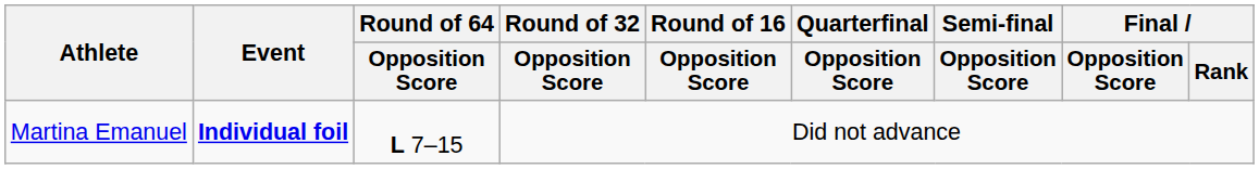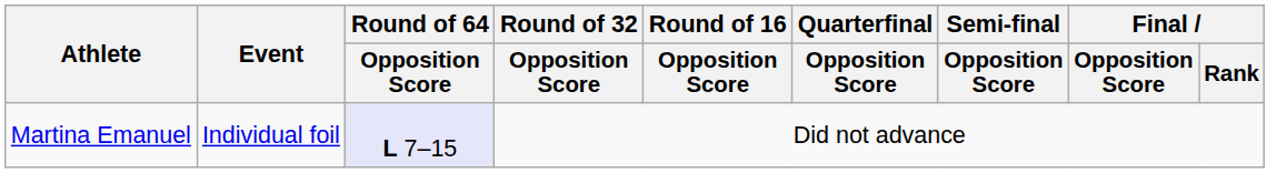 <table class="wikitable" style="font-size:90%">
 <tr>
 <th rowspan="2">Athlete</th>
 <th rowspan="2">Event</th>
 <th>Round of 64</th>
 <th>Round of 32</th>
 <th>Round of 16</th>
 <th>Quarterfinal</th>
 <th>Semi-final</th>
 <th colspan=2>Final / </th>
 </tr>
 <tr style="font-size:95%">
 <th>Opposition <br> Score</th>
 <th>Opposition <br> Score</th>
 <th>Opposition <br> Score</th>
 <th>Opposition <br> Score</th>
 <th>Opposition <br> Score</th>
 <th>Opposition <br> Score</th>
 <th>Rank</th>
 </tr>
 <tr align=center>
 <td align=left><a href='#'>Martina Emanuel</a></td>
-<td align=left><strong><a href='#'>Individual foil</a></strong></td>
-<td><br><strong>L</strong> 7–15</td>
+<td align=left><a href='#'>Individual foil</a></td>
+<td style="background: lavender;"><br><strong>L</strong> 7–15</td>
 <td colspan=6>Did not advance</td>
 </tr>
 </table>
